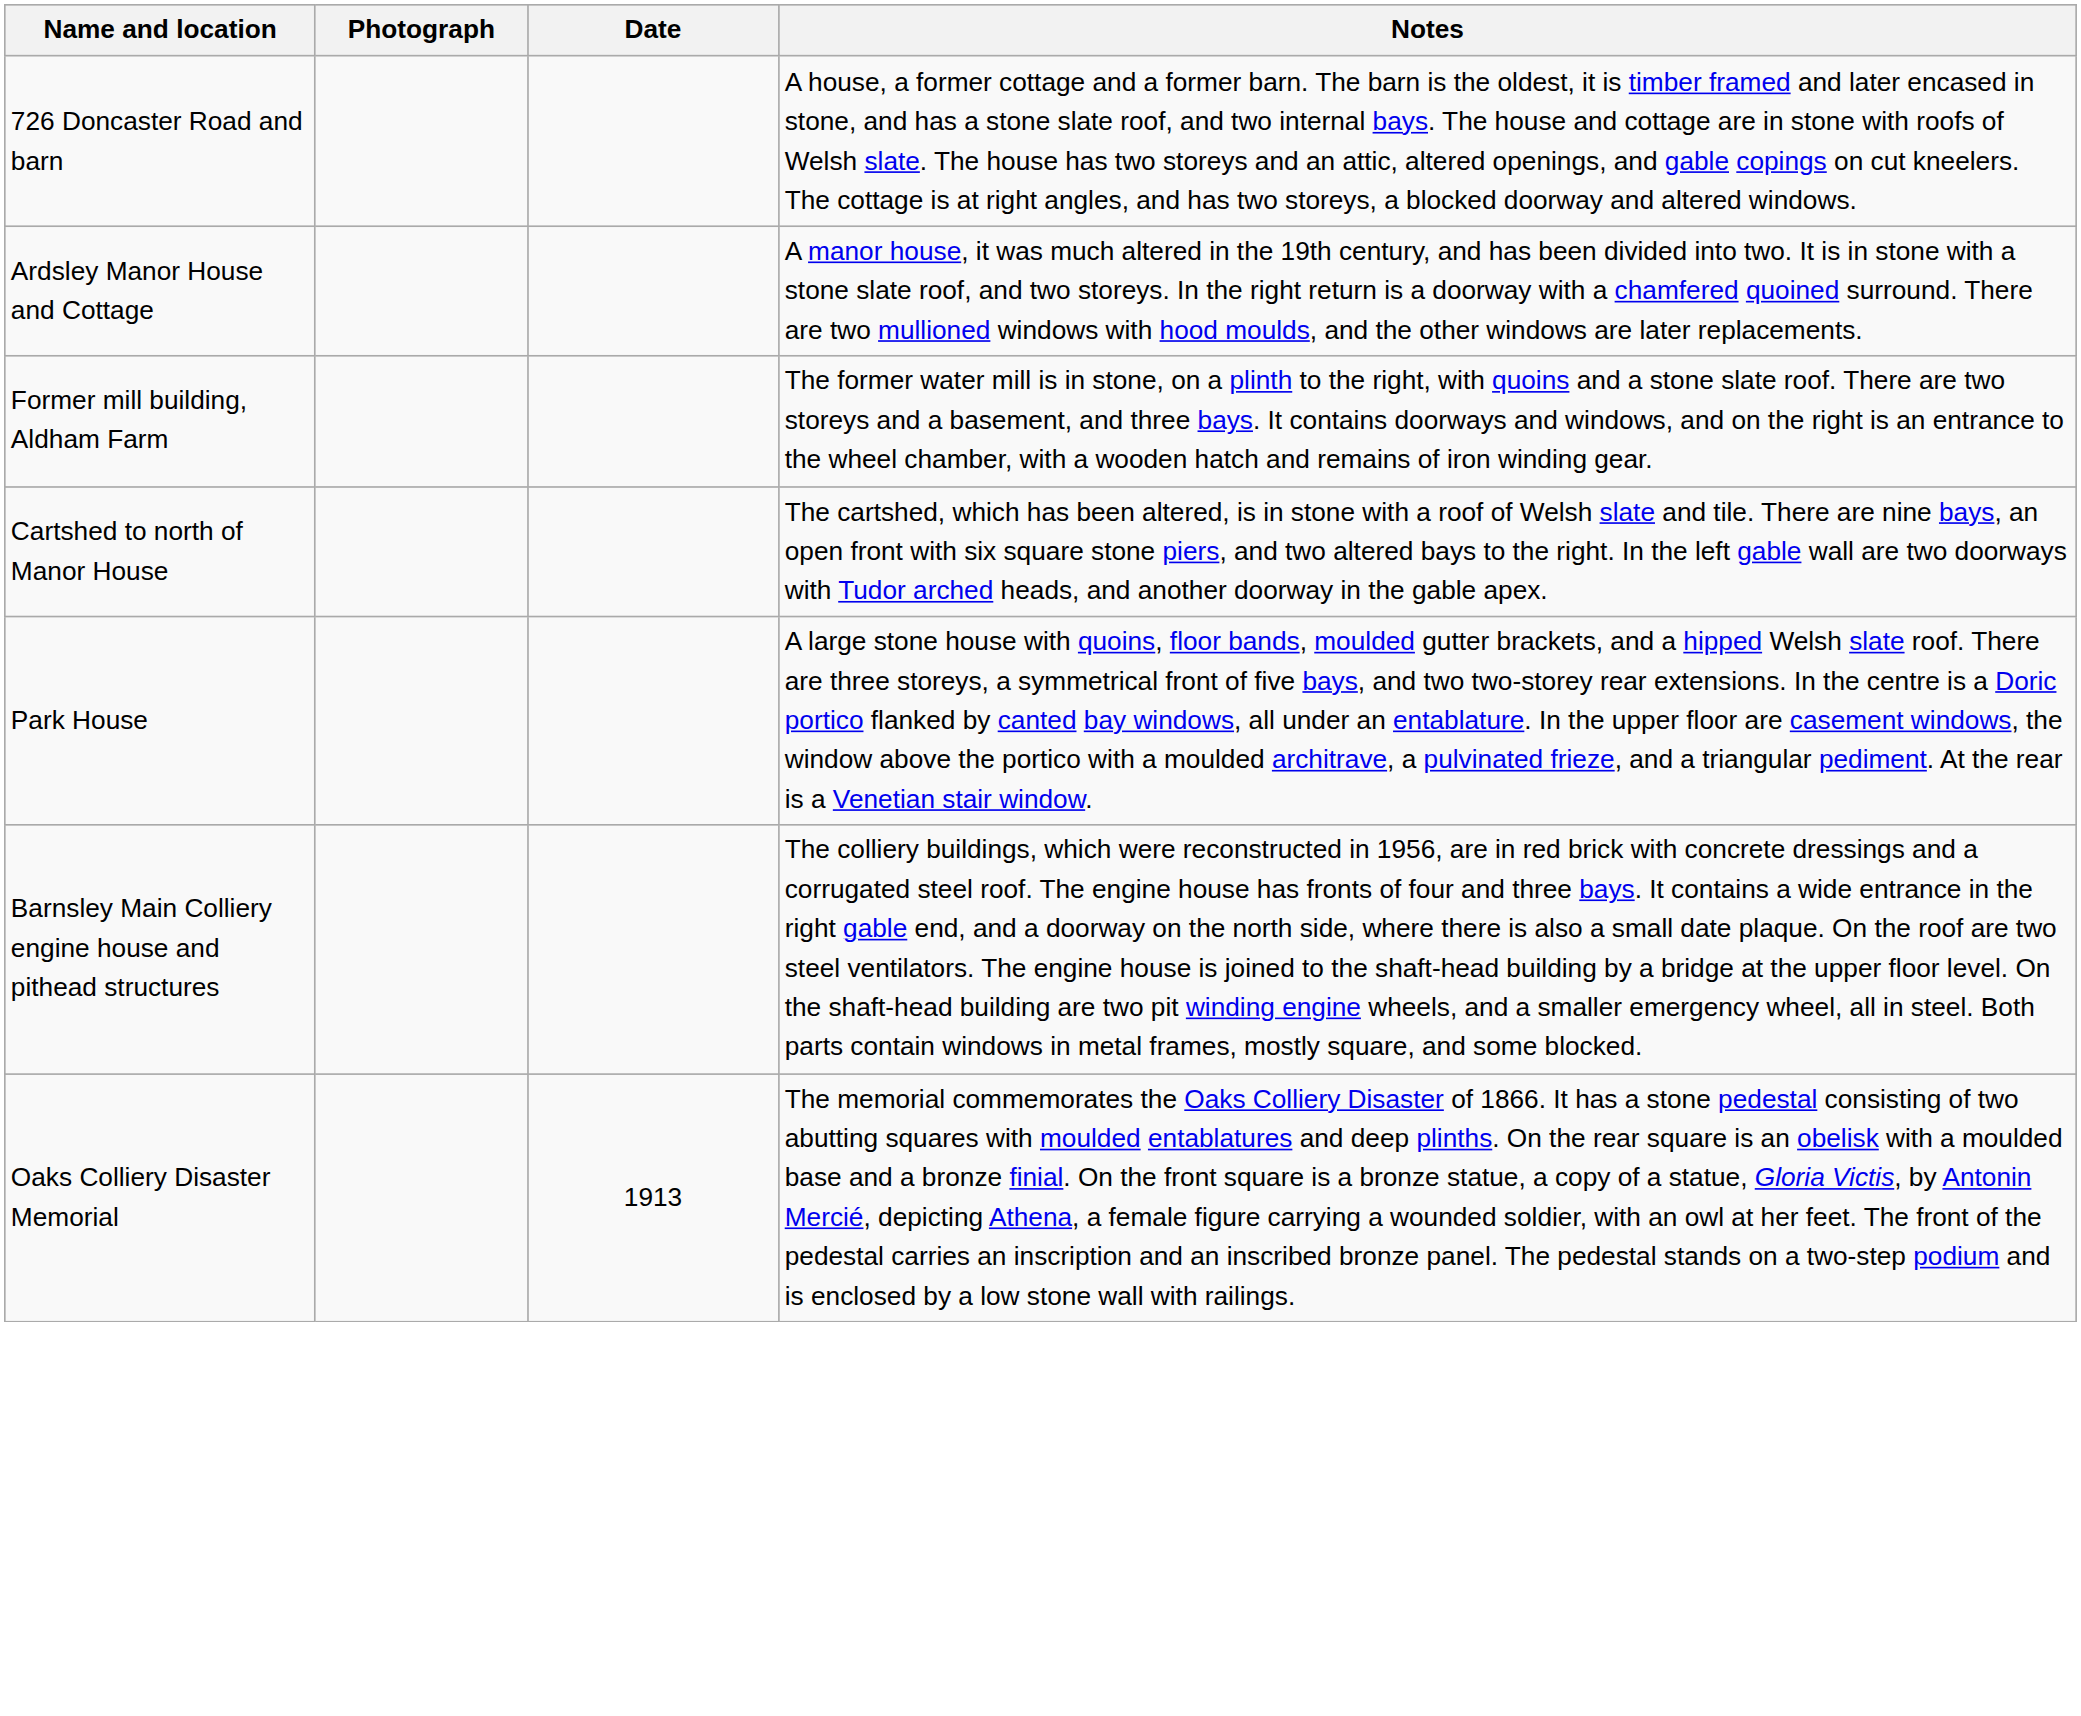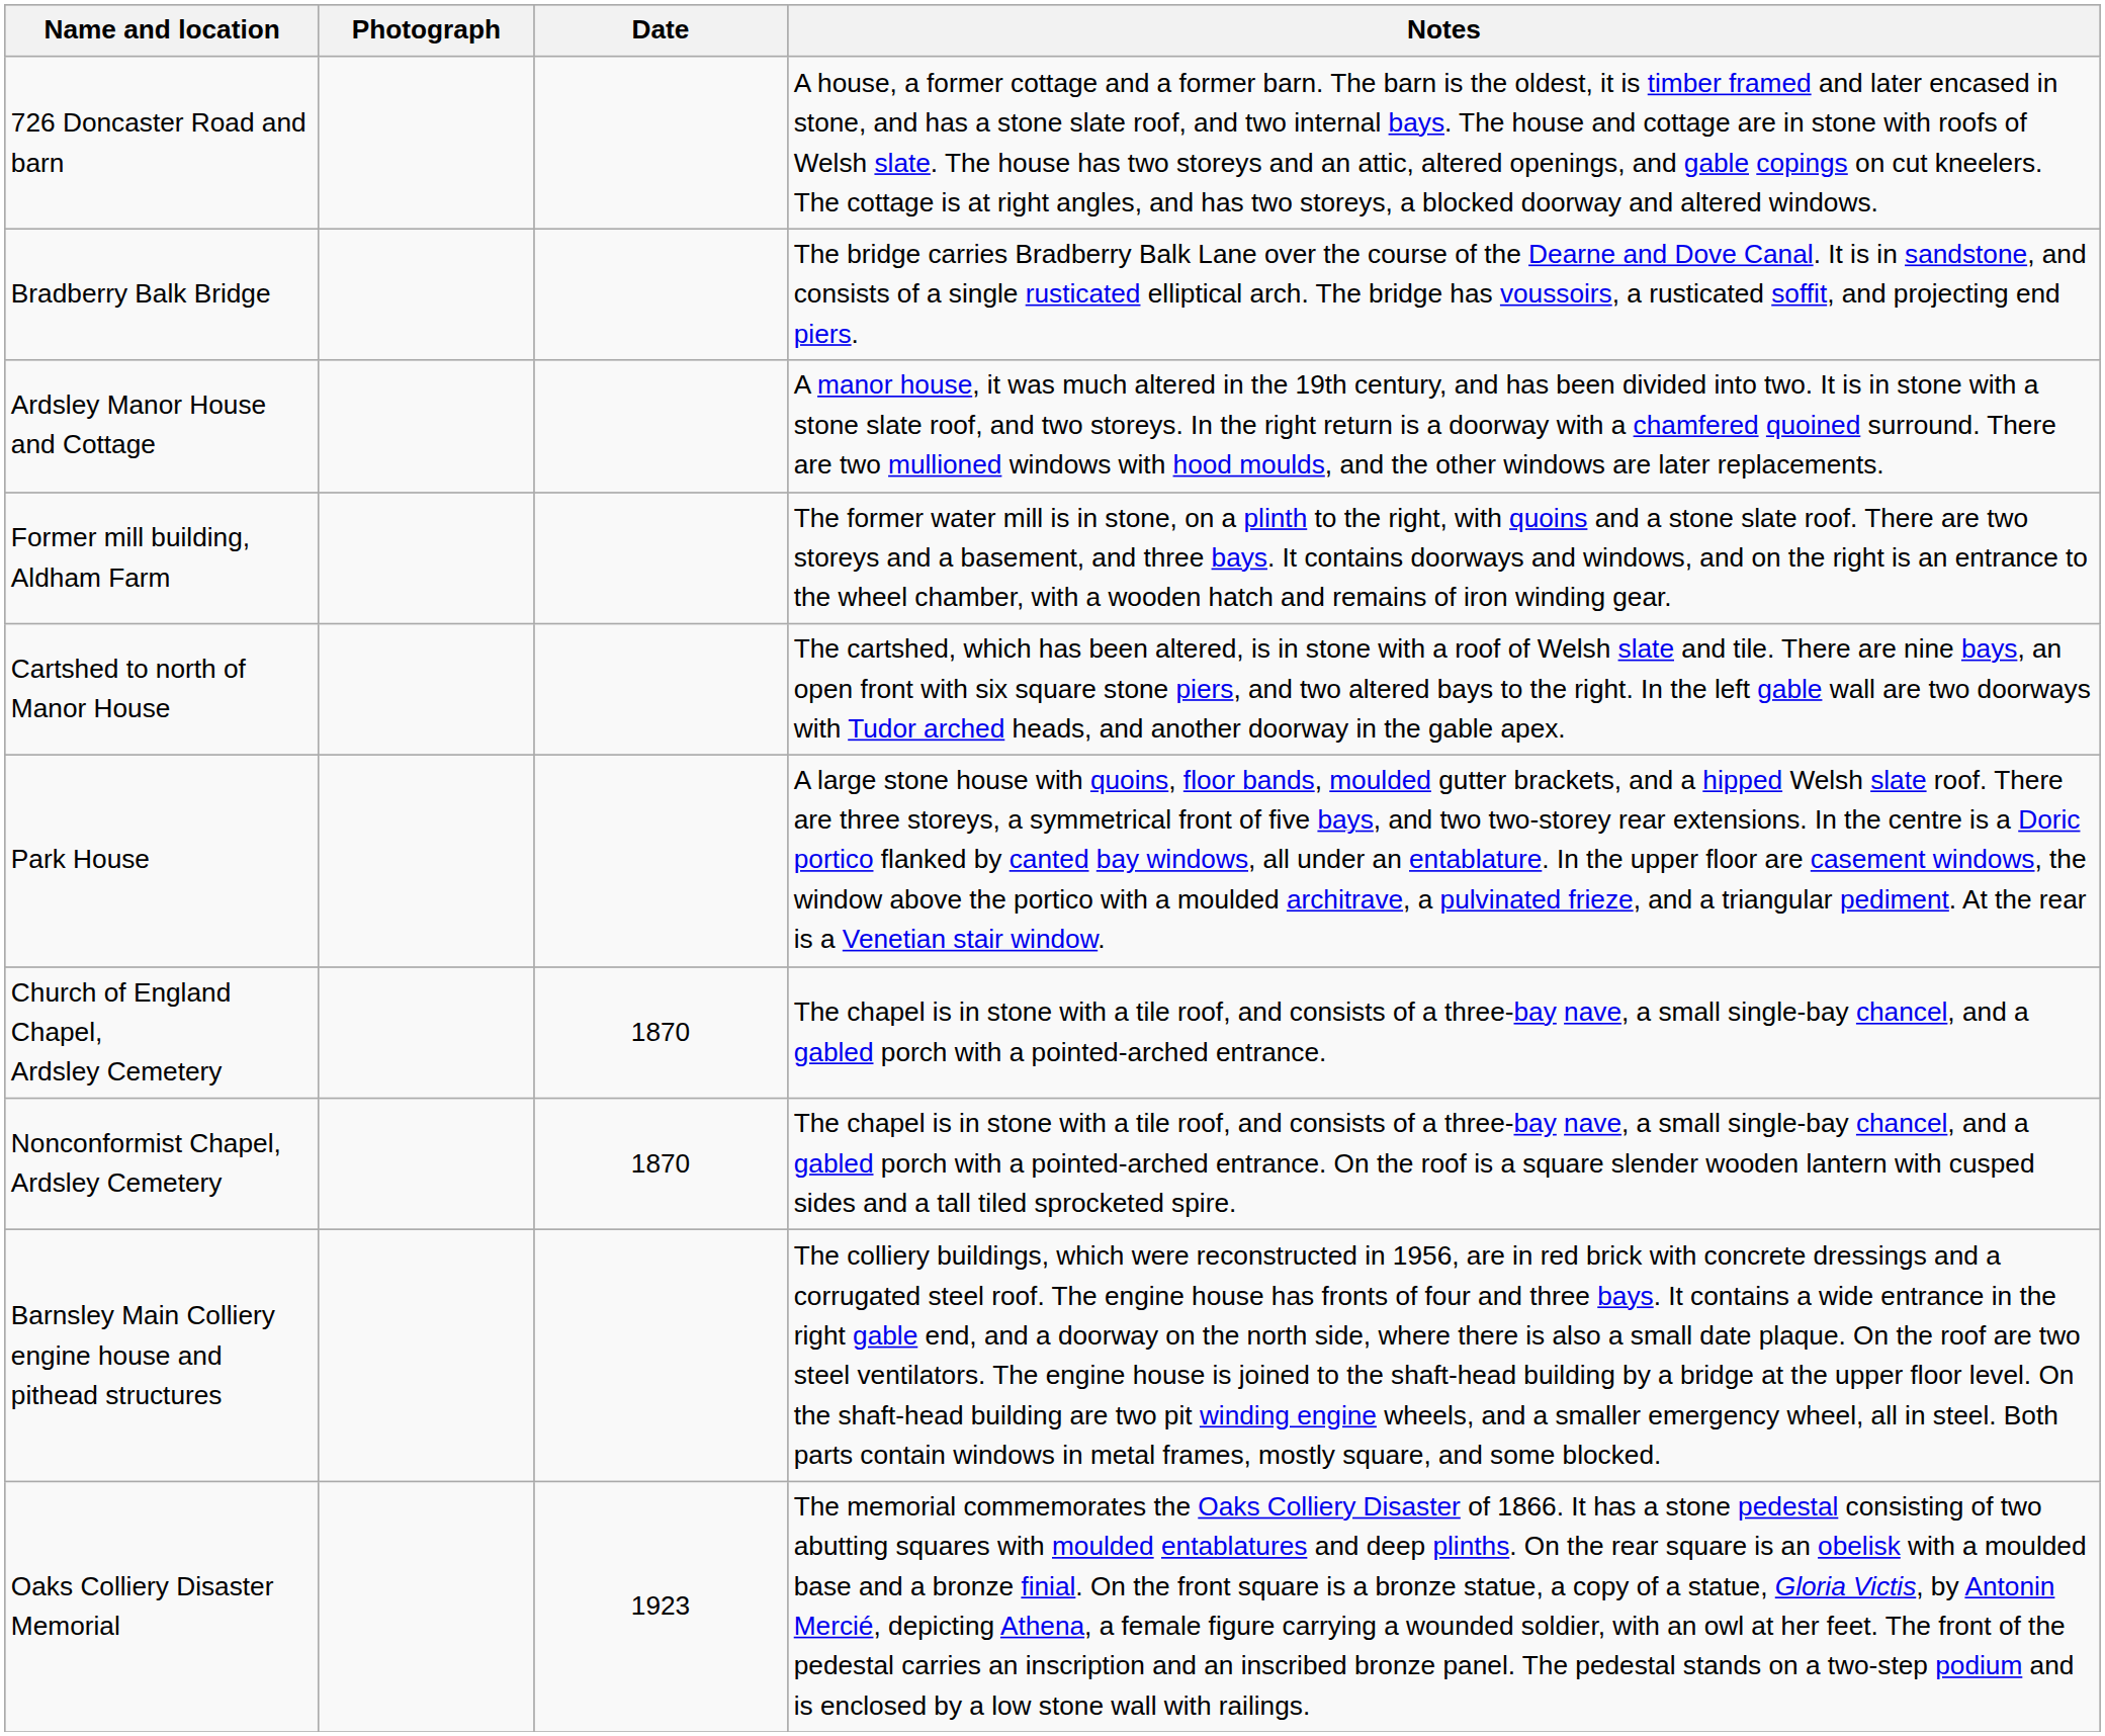 <table class="wikitable sortable plainrowheaders" style="width:100%;border:0px;text-align:left;line-height:150%;">
 <tr>
 <th scope="col"  style="width:150px">Name and location</th>
 <th scope="col"  style="width:100px" class="unsortable">Photograph</th>
 <th scope="col"  style="width:120px">Date</th>
 <th scope="col"  style="width:650px" class="unsortable">Notes</th>
 </tr>
 <tr>
 <td>726 Doncaster Road and barn<br><small></small></td>
 <td></td>
 <td align="center"></td>
 <td>A house, a former cottage and a former barn.  The barn is the oldest, it is <a href='#'>timber framed</a> and later encased in stone, and has a stone slate roof, and two internal <a href='#'>bays</a>.  The house and cottage are in stone with roofs of Welsh <a href='#'>slate</a>.  The house has two storeys and an attic, altered openings, and <a href='#'>gable</a> <a href='#'>copings</a> on cut kneelers.  The cottage is at right angles, and has two storeys, a blocked doorway and altered windows.</td>
+</tr>
+<tr>
+<td>Bradberry Balk Bridge<br><small></small></td>
+<td></td>
+<td align="center"></td>
+<td>The bridge carries Bradberry Balk Lane over the course of the <a href='#'>Dearne and Dove Canal</a>.  It is in <a href='#'>sandstone</a>, and consists of a single <a href='#'>rusticated</a> elliptical arch.  The bridge has <a href='#'>voussoirs</a>, a rusticated <a href='#'>soffit</a>, and projecting end <a href='#'>piers</a>.</td>
 </tr>
 <tr>
 <td>Ardsley Manor House and Cottage<br><small></small></td>
 <td></td>
 <td align="center"></td>
 <td>A <a href='#'>manor house</a>, it was much altered in the 19th century, and has been divided into two.  It is in stone with a stone slate roof, and two storeys.  In the right return is a doorway with a <a href='#'>chamfered</a> <a href='#'>quoined</a> surround.  There are two <a href='#'>mullioned</a> windows with <a href='#'>hood moulds</a>, and the other windows are later replacements.</td>
 </tr>
 <tr>
 <td>Former mill building, Aldham Farm<br><small></small></td>
 <td></td>
 <td align="center"></td>
 <td>The former water mill is in stone, on a <a href='#'>plinth</a> to the right, with <a href='#'>quoins</a> and a stone slate roof.  There are two storeys and a basement, and three <a href='#'>bays</a>.  It contains doorways and windows, and on the right is an entrance to the wheel chamber, with a wooden hatch and remains of iron winding gear.</td>
 </tr>
 <tr>
 <td>Cartshed to north of Manor House<br><small></small></td>
 <td></td>
 <td align="center"></td>
 <td>The cartshed, which has been altered, is in stone with a roof of Welsh <a href='#'>slate</a> and tile.  There are nine <a href='#'>bays</a>, an open front with six square stone <a href='#'>piers</a>, and two altered bays to the right.  In the left <a href='#'>gable</a> wall are two doorways with <a href='#'>Tudor arched</a> heads, and another doorway in the gable apex.</td>
 </tr>
 <tr>
 <td>Park House<br><small></small></td>
 <td></td>
 <td align="center"></td>
 <td>A large stone house with <a href='#'>quoins</a>, <a href='#'>floor bands</a>, <a href='#'>moulded</a> gutter brackets, and a <a href='#'>hipped</a> Welsh <a href='#'>slate</a> roof.  There are three storeys, a symmetrical front of five <a href='#'>bays</a>, and two two-storey rear extensions.  In the centre is a <a href='#'>Doric</a> <a href='#'>portico</a> flanked by <a href='#'>canted</a> <a href='#'>bay windows</a>, all under an <a href='#'>entablature</a>.  In the upper floor are <a href='#'>casement windows</a>, the window above the portico with a moulded <a href='#'>architrave</a>, a <a href='#'>pulvinated frieze</a>, and a triangular <a href='#'>pediment</a>.  At the rear is a <a href='#'>Venetian stair window</a>.</td>
 </tr>
 <tr>
+<td>Church of England Chapel,<br>Ardsley Cemetery<br><small></small></td>
+<td></td>
+<td align="center">1870</td>
+<td>The chapel is in stone with a tile roof, and consists of a three-<a href='#'>bay</a> <a href='#'>nave</a>, a small single-bay <a href='#'>chancel</a>, and a <a href='#'>gabled</a> porch with a pointed-arched entrance.</td>
+</tr>
+<tr>
+<td>Nonconformist Chapel,<br>Ardsley Cemetery<br><small></small></td>
+<td></td>
+<td align="center">1870</td>
+<td>The chapel is in stone with a tile roof, and consists of a three-<a href='#'>bay</a> <a href='#'>nave</a>, a small single-bay <a href='#'>chancel</a>, and a <a href='#'>gabled</a> porch with a pointed-arched entrance.  On the roof is a square slender wooden lantern with cusped sides and a tall tiled sprocketed spire.</td>
+</tr>
+<tr>
 <td>Barnsley Main Colliery engine house and pithead structures<br><small></small></td>
 <td></td>
 <td align="center"></td>
 <td>The colliery buildings, which were reconstructed in 1956, are in red brick with concrete dressings and a corrugated steel roof.  The engine house has fronts of four and three <a href='#'>bays</a>.  It contains a wide entrance in the right <a href='#'>gable</a> end, and a doorway on the north side, where there is also a small date plaque.  On the roof are two steel ventilators.  The engine house is joined to the shaft-head building by a bridge at the upper floor level.  On the shaft-head building are two pit <a href='#'>winding engine</a> wheels, and a smaller emergency wheel, all in steel.  Both parts contain windows in metal frames, mostly square, and some blocked.</td>
 </tr>
 <tr>
 <td>Oaks Colliery Disaster Memorial<br><small></small></td>
 <td></td>
-<td align="center">1913</td>
+<td align="center">1923</td>
 <td>The memorial commemorates the <a href='#'>Oaks Colliery Disaster</a> of 1866.  It has a stone <a href='#'>pedestal</a> consisting of two abutting squares with <a href='#'>moulded</a> <a href='#'>entablatures</a> and deep <a href='#'>plinths</a>.  On the rear square is an <a href='#'>obelisk</a> with a moulded base and a bronze <a href='#'>finial</a>.  On the front square is a bronze statue, a copy of a statue, <a href='#'><em>Gloria Victis</em></a>, by <a href='#'>Antonin Mercié</a>, depicting <a href='#'>Athena</a>, a female figure carrying a wounded soldier, with an owl at her feet.  The front of the pedestal carries an inscription and an inscribed bronze panel.  The pedestal stands on a two-step <a href='#'>podium</a> and is enclosed by a low stone wall with railings.</td>
 </tr>
 <tr>
 </tr>
 </table>
